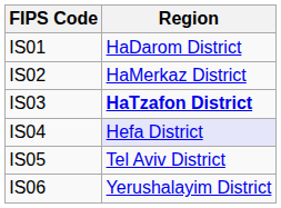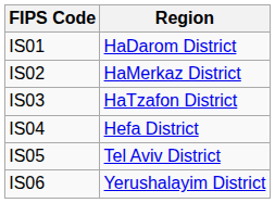 <table class="wikitable">
 <tr>
 <th>FIPS Code</th>
 <th>Region</th>
 </tr>
 <tr>
 <td>IS01</td>
 <td><a href='#'>HaDarom District</a></td>
 </tr>
 <tr>
 <td>IS02</td>
 <td><a href='#'>HaMerkaz District</a></td>
 </tr>
 <tr>
 <td>IS03</td>
-<td><strong><a href='#'>HaTzafon District</a></strong></td>
+<td><a href='#'>HaTzafon District</a></td>
 </tr>
 <tr>
 <td>IS04</td>
-<td style="background: lavender;"><a href='#'>Hefa District</a></td>
+<td><a href='#'>Hefa District</a></td>
 </tr>
 <tr>
 <td>IS05</td>
 <td><a href='#'>Tel Aviv District</a></td>
 </tr>
 <tr>
 <td>IS06</td>
 <td><a href='#'>Yerushalayim District</a></td>
 </tr>
 </table>
